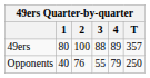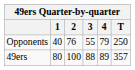 <table class="wikitable">
 <tr>
 <th colspan=6>49ers Quarter-by-quarter</th>
 </tr>
 <tr>
 <th></th>
 <th>1</th>
 <th>2</th>
 <th>3</th>
 <th>4</th>
 <th>T</th>
 </tr>
 <tr>
+<td>Opponents</td>
+<td>40</td>
+<td>76</td>
+<td>55</td>
+<td>79</td>
+<td>250</td>
+</tr>
+<tr>
 <td>49ers</td>
 <td>80</td>
 <td>100</td>
 <td>88</td>
 <td>89</td>
 <td>357</td>
 </tr>
-<tr>
-<td>Opponents</td>
-<td>40</td>
-<td>76</td>
-<td>55</td>
-<td>79</td>
-<td>250</td>
-</tr>
 </table>
